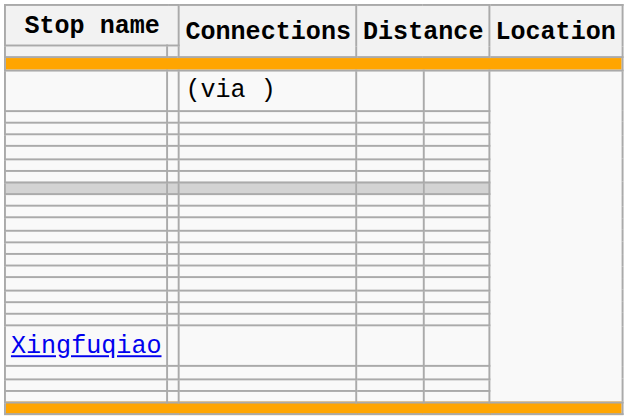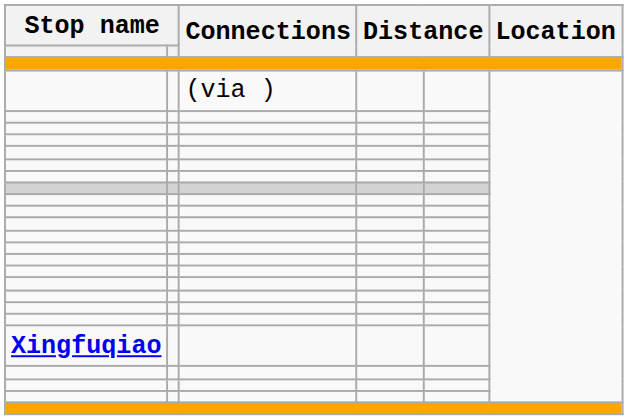 <table class="wikitable">
 <tr>
 <th colspan="2">Stop name</th>
 <th rowspan="2">Connections</th>
 <th colspan="2" rowspan="2">Distance<br></th>
 <th rowspan="2">Location</th>
 </tr>
 <tr>
 <th></th>
 <th></th>
 </tr>
 <tr style = "background:orange; height: 2pt">
 <td colspan = "8"></td>
 </tr>
 <tr>
 <td></td>
 <td></td>
 <td>  (via )</td>
 <td></td>
 <td></td>
 </tr>
 <tr>
 <td></td>
 <td></td>
 <td></td>
 <td></td>
 <td></td>
 </tr>
 <tr>
 <td></td>
 <td></td>
 <td></td>
 <td></td>
 <td></td>
 </tr>
 <tr>
 <td></td>
 <td></td>
 <td></td>
 <td></td>
 <td></td>
 </tr>
 <tr>
 <td></td>
 <td></td>
 <td></td>
 <td></td>
 <td></td>
 </tr>
 <tr>
 <td></td>
 <td></td>
 <td></td>
 <td></td>
 <td></td>
 </tr>
 <tr>
 <td></td>
 <td></td>
 <td></td>
 <td></td>
 <td></td>
 </tr>
 <tr bgcolor="lightgrey">
 <td></td>
 <td></td>
 <td></td>
 <td></td>
 <td></td>
 </tr>
 <tr>
 <td></td>
 <td></td>
 <td></td>
 <td></td>
 <td></td>
 </tr>
 <tr>
 <td></td>
 <td></td>
 <td></td>
 <td></td>
 <td></td>
 </tr>
 <tr>
 <td></td>
 <td></td>
 <td></td>
 <td></td>
 <td></td>
 </tr>
 <tr>
 <td></td>
 <td></td>
 <td></td>
 <td></td>
 <td></td>
 </tr>
 <tr>
 <td></td>
 <td></td>
 <td></td>
 <td></td>
 <td></td>
 </tr>
 <tr>
 <td></td>
 <td></td>
 <td></td>
 <td></td>
 <td></td>
 </tr>
 <tr>
 <td></td>
 <td></td>
 <td></td>
 <td></td>
 <td></td>
 </tr>
 <tr>
 <td></td>
 <td></td>
 <td></td>
 <td></td>
 <td></td>
 </tr>
 <tr>
 <td></td>
 <td></td>
 <td></td>
 <td></td>
 <td></td>
 </tr>
 <tr>
 <td></td>
 <td></td>
 <td></td>
 <td></td>
 <td></td>
 </tr>
 <tr>
 <td></td>
 <td></td>
 <td></td>
 <td></td>
 <td></td>
 </tr>
 <tr>
-<td><a href='#'>Xingfuqiao</a></td>
+<td><strong><a href='#'>Xingfuqiao</a></strong></td>
 <td></td>
 <td></td>
 <td></td>
 <td></td>
 </tr>
 <tr>
 <td></td>
 <td></td>
 <td></td>
 <td></td>
 <td></td>
 </tr>
 <tr>
 <td></td>
 <td></td>
 <td></td>
 <td></td>
 <td></td>
 </tr>
 <tr>
 <td></td>
 <td></td>
 <td></td>
 <td></td>
 <td></td>
 </tr>
 <tr style = "background:orange; height: 2pt">
 <td colspan = "8"></td>
 </tr>
 </table>
